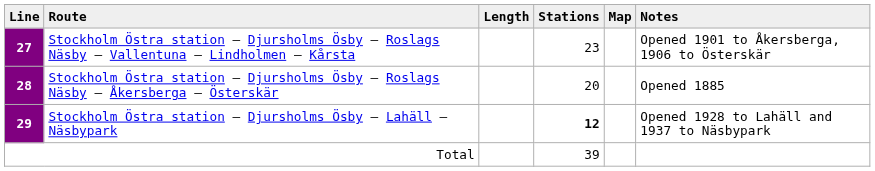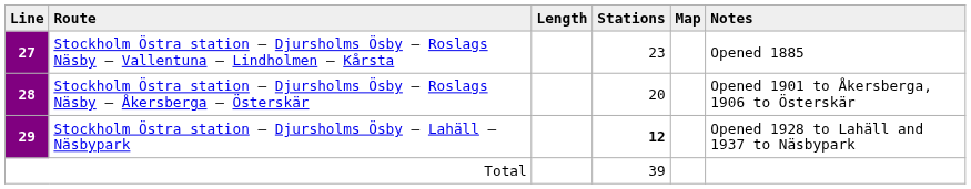 <table border="1" cellpadding="4" cellspacing="0" style="border: 1px solid #afafaf; border-collapse: collapse;">
 <tr style="background: #efefef;">
 <th align="left">Line</th>
 <th align="left">Route</th>
 <th align="Right">Length</th>
 <th align="Right">Stations</th>
 <th>Map</th>
 <th align="left">Notes</th>
 </tr>
 <tr>
 <th style="background: purple; color: white;">27</th>
 <td><a href='#'>Stockholm Östra station</a> – <a href='#'>Djursholms Ösby</a> – <a href='#'>Roslags Näsby</a> – <a href='#'>Vallentuna</a> – <a href='#'>Lindholmen</a> – <a href='#'>Kårsta</a></td>
 <td align="right"></td>
 <td align="right">23</td>
 <td></td>
-<td>Opened 1901 to Åkersberga, 1906 to Österskär</td>
+<td>Opened 1885</td>
 </tr>
 <tr>
 <th style="background: purple; color: white;">28</th>
 <td><a href='#'>Stockholm Östra station</a> – <a href='#'>Djursholms Ösby</a> – <a href='#'>Roslags Näsby</a> – <a href='#'>Åkersberga</a> – <a href='#'>Österskär</a></td>
 <td align="right"></td>
 <td align="right">20</td>
 <td></td>
-<td>Opened 1885</td>
+<td>Opened 1901 to Åkersberga, 1906 to Österskär</td>
 </tr>
 <tr>
 <th style="background: purple; color: white;">29</th>
 <td><a href='#'>Stockholm Östra station</a> – <a href='#'>Djursholms Ösby</a> – <a href='#'>Lahäll</a> – <a href='#'>Näsbypark</a></td>
 <td align="right"></td>
 <td align="right"><strong>12</strong></td>
 <td></td>
 <td>Opened 1928 to Lahäll and 1937 to Näsbypark</td>
 </tr>
 <tr>
 <td align="right" colspan="2">Total</td>
 <td align="right"></td>
 <td align="right">39</td>
 <td></td>
 </tr>
 </table>
